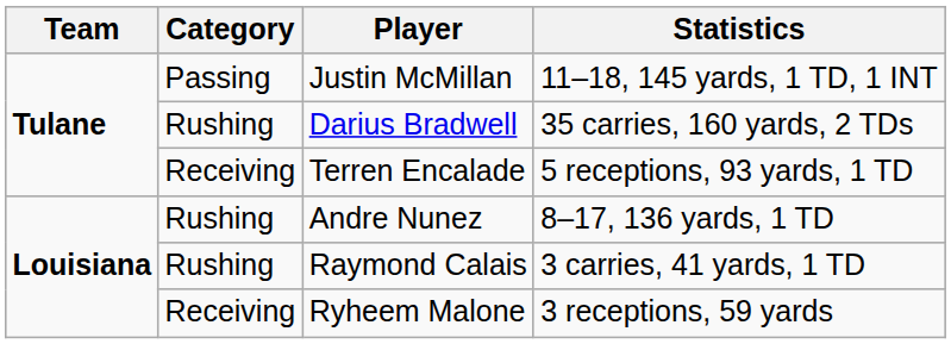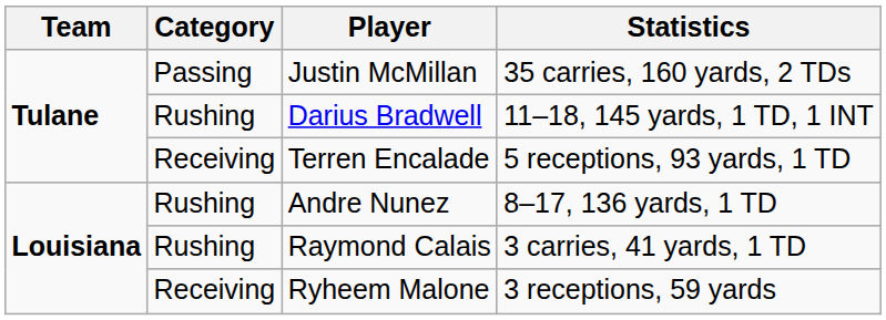 <table class="wikitable" style="float: left;">
 <tr>
 <th>Team</th>
 <th>Category</th>
 <th>Player</th>
 <th>Statistics</th>
 </tr>
 <tr>
 <td rowspan=3><strong>Tulane</strong></td>
 <td>Passing</td>
 <td>Justin McMillan</td>
-<td>11–18, 145 yards, 1 TD, 1 INT</td>
+<td>35 carries, 160 yards, 2 TDs</td>
 </tr>
 <tr>
 <td>Rushing</td>
 <td><a href='#'>Darius Bradwell</a></td>
-<td>35 carries, 160 yards, 2 TDs</td>
+<td>11–18, 145 yards, 1 TD, 1 INT</td>
 </tr>
 <tr>
 <td>Receiving</td>
 <td>Terren Encalade</td>
 <td>5 receptions, 93 yards, 1 TD</td>
 </tr>
 <tr>
 <td rowspan=3><strong>Louisiana</strong></td>
 <td>Rushing</td>
 <td>Andre Nunez</td>
 <td>8–17, 136 yards, 1 TD</td>
 </tr>
 <tr>
 <td>Rushing</td>
 <td>Raymond Calais</td>
 <td>3 carries, 41 yards, 1 TD</td>
 </tr>
 <tr>
 <td>Receiving</td>
 <td>Ryheem Malone</td>
 <td>3 receptions, 59 yards</td>
 </tr>
 </table>
